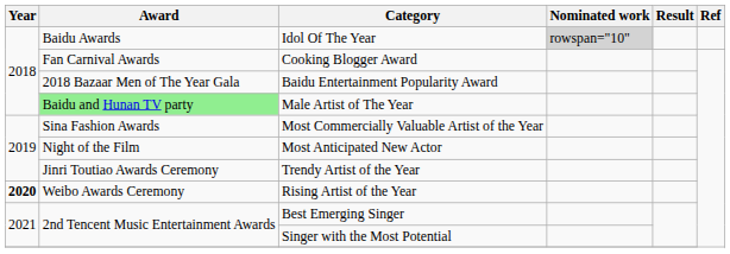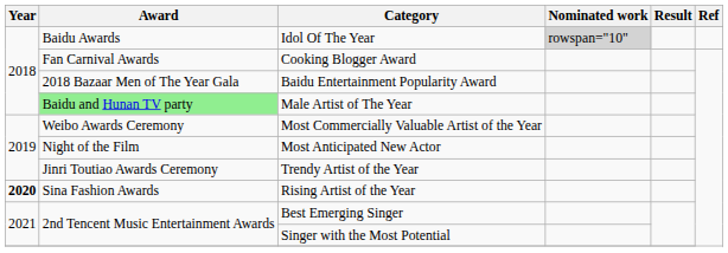 <table class="wikitable">
 <tr>
 <th>Year</th>
 <th>Award</th>
 <th>Category</th>
 <th>Nominated work</th>
 <th>Result</th>
 <th>Ref</th>
 </tr>
 <tr>
 <td rowspan="4">2018</td>
 <td>Baidu Awards</td>
 <td>Idol Of The Year</td>
 <td style="background: lightgrey;">rowspan="10"</td>
 <td></td>
 <td></td>
 </tr>
 <tr>
 <td>Fan Carnival Awards</td>
 <td>Cooking Blogger Award</td>
 <td></td>
 <td></td>
 </tr>
 <tr>
 <td>2018 Bazaar Men of The Year Gala</td>
 <td>Baidu Entertainment Popularity Award</td>
 <td></td>
 <td></td>
 </tr>
 <tr>
 <td style="background: lightgreen;">Baidu and <a href='#'>Hunan TV</a> party</td>
 <td>Male Artist of The Year</td>
 <td></td>
 <td></td>
 </tr>
 <tr>
 <td rowspan=3>2019</td>
-<td>Sina Fashion Awards</td>
+<td>Weibo Awards Ceremony</td>
 <td>Most Commercially Valuable Artist of the Year</td>
 <td></td>
 <td></td>
 </tr>
 <tr>
 <td>Night of the Film</td>
 <td>Most Anticipated New Actor</td>
 <td></td>
 <td></td>
 </tr>
 <tr>
 <td>Jinri Toutiao Awards Ceremony</td>
 <td>Trendy Artist of the Year</td>
 <td></td>
 <td></td>
 </tr>
 <tr>
 <td><strong>2020</strong></td>
-<td>Weibo Awards Ceremony</td>
+<td>Sina Fashion Awards</td>
 <td>Rising Artist of the Year</td>
 <td></td>
 <td></td>
 </tr>
 <tr>
 <td rowspan="2">2021</td>
 <td rowspan="2">2nd Tencent Music Entertainment Awards</td>
 <td>Best Emerging Singer</td>
 <td></td>
 <td rowspan="2"></td>
 </tr>
 <tr>
 <td>Singer with the Most Potential</td>
 <td></td>
 </tr>
 <tr>
 </tr>
 </table>
